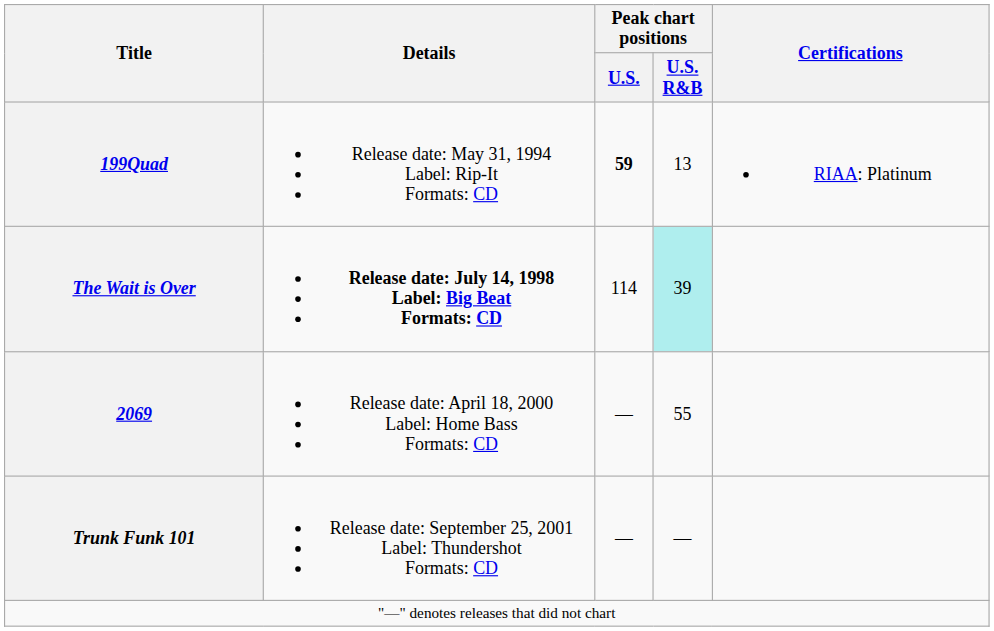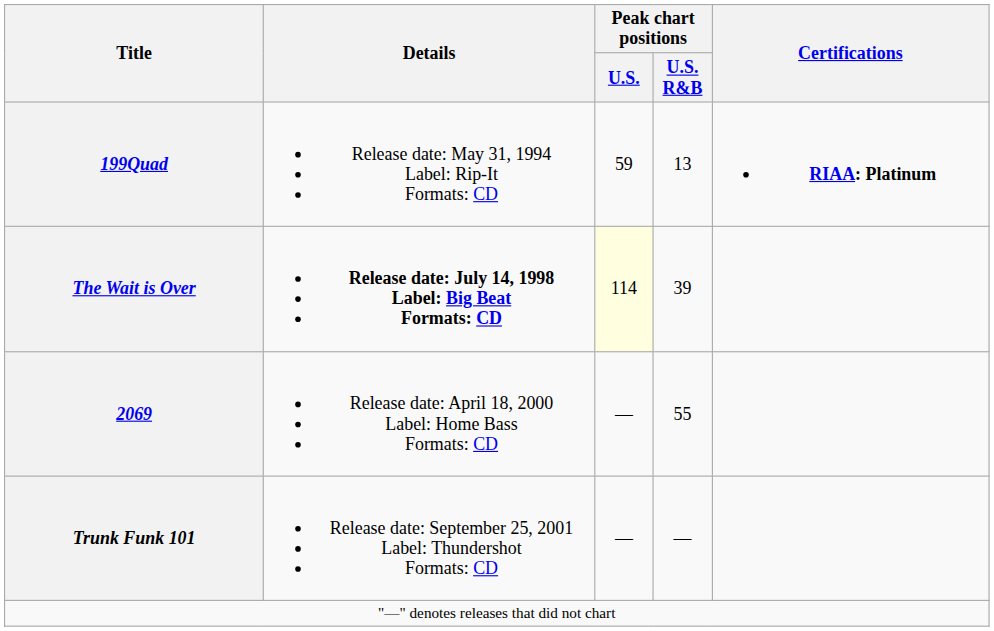 <table class="wikitable plainrowheaders" style="text-align:center;">
 <tr>
 <th rowspan="2" style="width:14em;">Title</th>
 <th rowspan="2" style="width:18em;">Details</th>
 <th colspan="2">Peak chart positions</th>
 <th scope="col" rowspan="2" style="width:15em;"><a href='#'>Certifications</a></th>
 </tr>
 <tr>
 <th style="width:45px;"><a href='#'>U.S.</a></th>
 <th style="width:45px;"><a href='#'>U.S.<br>R&B</a></th>
 </tr>
 <tr>
 <th scope="row"><em><a href='#'>199Quad</a></em></th>
 <td><br><ul><li>Release date: May 31, 1994</li><li>Label: Rip-It</li><li>Formats: <a href='#'>CD</a></li></ul></td>
-<td><strong>59</strong></td>
+<td>59</td>
 <td>13</td>
-<td><br><ul><li><a href='#'>RIAA</a>: Platinum</li></ul></td>
+<td><strong><br><ul><li><a href='#'>RIAA</a>: Platinum</li></ul></strong></td>
 </tr>
 <tr>
 <th scope="row"><em><a href='#'>The Wait is Over</a></em></th>
 <td><strong><br><ul><li>Release date: July 14, 1998</li><li>Label: <a href='#'>Big Beat</a></li><li>Formats: <a href='#'>CD</a></li></ul></strong></td>
-<td>114</td>
-<td style="background: paleturquoise;">39</td>
+<td style="background: lightyellow;">114</td>
+<td>39</td>
 <td></td>
 </tr>
 <tr>
 <th scope="row"><em><a href='#'>2069</a></em></th>
 <td><br><ul><li>Release date: April 18, 2000</li><li>Label: Home Bass</li><li>Formats: <a href='#'>CD</a></li></ul></td>
 <td>—</td>
 <td>55</td>
 <td></td>
 </tr>
 <tr>
 <th scope="row"><em>Trunk Funk 101</em></th>
 <td><br><ul><li>Release date: September 25, 2001</li><li>Label: Thundershot</li><li>Formats: <a href='#'>CD</a></li></ul></td>
 <td>—</td>
 <td>—</td>
 <td></td>
 </tr>
 <tr>
 <td colspan="15" style="font-size:85%">"—" denotes releases that did not chart</td>
 </tr>
 </table>
